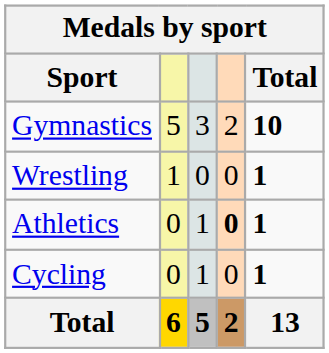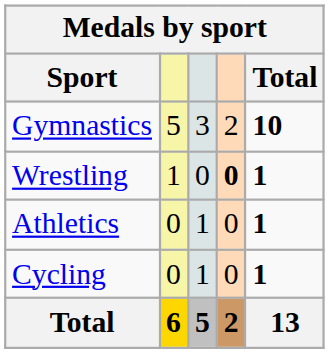 <table class="wikitable" style="font-size:85%; float:right;">
 <tr style="background:#efefef;">
 <th colspan=5>Medals by sport</th>
 </tr>
 <tr>
 <th>Sport</th>
 <td bgcolor=F7F6A8></td>
 <td bgcolor=DCE5E5></td>
 <td bgcolor=FFDAB9></td>
 <th>Total</th>
 </tr>
 <tr>
 <td><a href='#'>Gymnastics</a></td>
 <td bgcolor=F7F6A8>5</td>
 <td bgcolor=DCE5E5>3</td>
 <td bgcolor=FFDAB9>2</td>
 <td><strong>10</strong></td>
 </tr>
 <tr>
 <td><a href='#'>Wrestling</a></td>
 <td bgcolor=F7F6A8>1</td>
 <td bgcolor=DCE5E5>0</td>
-<td bgcolor=FFDAB9>0</td>
+<td bgcolor=FFDAB9><strong>0</strong></td>
 <td><strong>1</strong></td>
 </tr>
 <tr>
 <td><a href='#'>Athletics</a></td>
 <td bgcolor=F7F6A8>0</td>
 <td bgcolor=DCE5E5>1</td>
-<td bgcolor=FFDAB9><strong>0</strong></td>
+<td bgcolor=FFDAB9>0</td>
 <td><strong>1</strong></td>
 </tr>
 <tr>
 <td><a href='#'>Cycling</a></td>
 <td bgcolor=F7F6A8>0</td>
 <td bgcolor=DCE5E5>1</td>
 <td bgcolor=FFDAB9>0</td>
 <td><strong>1</strong></td>
 </tr>
 <tr>
 <th>Total</th>
 <th style=background:gold>6</th>
 <th style=background:silver>5</th>
 <th style=background:#c96>2</th>
 <th>13</th>
 </tr>
 </table>
